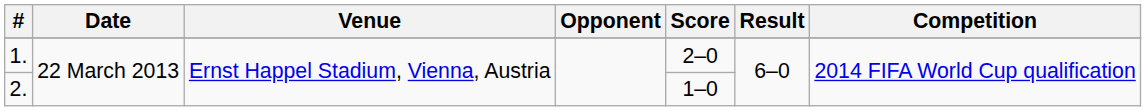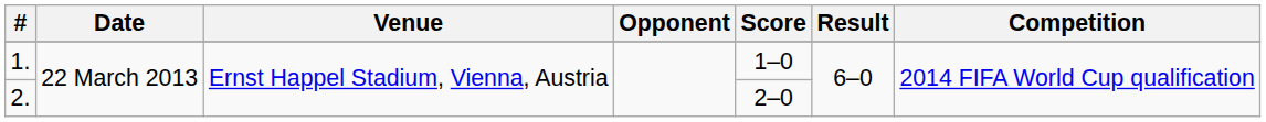 <table class="wikitable">
 <tr>
 <th>#</th>
 <th>Date</th>
 <th>Venue</th>
 <th>Opponent</th>
 <th>Score</th>
 <th>Result</th>
 <th>Competition</th>
 </tr>
 <tr>
 </tr>
 <tr>
 <td>1.</td>
 <td rowspan="2">22 March 2013</td>
 <td rowspan= 2><a href='#'>Ernst Happel Stadium</a>, <a href='#'>Vienna</a>, Austria</td>
 <td rowspan="2"></td>
-<td align="center">2–0</td>
+<td align="center">1–0</td>
 <td rowspan="2" align="center">6–0</td>
 <td rowspan="2"><a href='#'>2014 FIFA World Cup qualification</a></td>
 </tr>
 <tr>
 <td>2.</td>
-<td align="center">1–0</td>
+<td align="center">2–0</td>
 </tr>
 </table>
